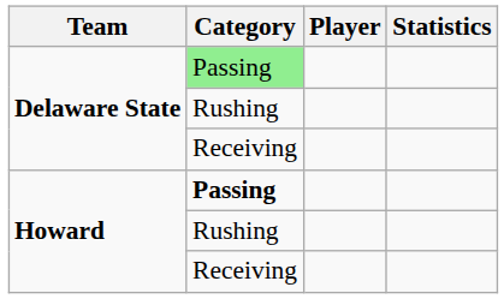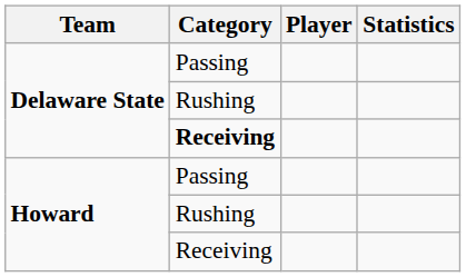 <table class="wikitable" style="float: right;">
 <tr>
 <th>Team</th>
 <th>Category</th>
 <th>Player</th>
 <th>Statistics</th>
 </tr>
 <tr>
 <td rowspan=3><strong>Delaware State</strong></td>
-<td style="background: lightgreen;">Passing</td>
+<td>Passing</td>
 <td></td>
 <td></td>
 </tr>
 <tr>
 <td>Rushing</td>
 <td></td>
 <td></td>
 </tr>
 <tr>
-<td>Receiving</td>
+<td><strong>Receiving</strong></td>
 <td></td>
 <td></td>
 </tr>
 <tr>
 <td rowspan=3><strong>Howard</strong></td>
-<td><strong>Passing</strong></td>
+<td>Passing</td>
 <td></td>
 <td></td>
 </tr>
 <tr>
 <td>Rushing</td>
 <td></td>
 <td></td>
 </tr>
 <tr>
 <td>Receiving</td>
 <td></td>
 <td></td>
 </tr>
 </table>
